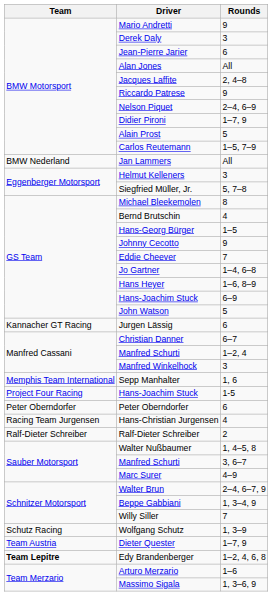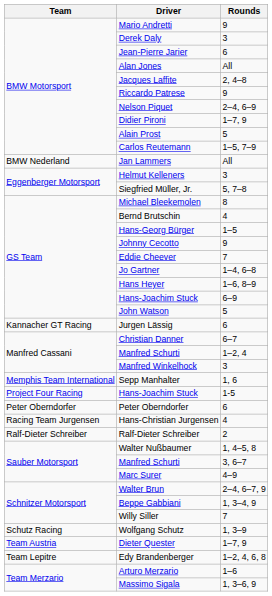 <table class="wikitable" style="font-size:90%;">
 <tr>
 <th>Team</th>
 <th>Driver</th>
 <th>Rounds</th>
 </tr>
 <tr>
 <td rowspan=10> <a href='#'>BMW Motorsport</a></td>
 <td> <a href='#'>Mario Andretti</a></td>
 <td>9</td>
 </tr>
 <tr>
 <td> <a href='#'>Derek Daly</a></td>
 <td>3</td>
 </tr>
 <tr>
 <td> <a href='#'>Jean-Pierre Jarier</a></td>
 <td>6</td>
 </tr>
 <tr>
 <td> <a href='#'>Alan Jones</a></td>
 <td>All</td>
 </tr>
 <tr>
 <td> <a href='#'>Jacques Laffite</a></td>
 <td>2, 4–8</td>
 </tr>
 <tr>
 <td> <a href='#'>Riccardo Patrese</a></td>
 <td>9</td>
 </tr>
 <tr>
 <td> <a href='#'>Nelson Piquet</a></td>
 <td>2–4, 6–9</td>
 </tr>
 <tr>
 <td> <a href='#'>Didier Pironi</a></td>
 <td>1–7, 9</td>
 </tr>
 <tr>
 <td> <a href='#'>Alain Prost</a></td>
 <td>5</td>
 </tr>
 <tr>
 <td> <a href='#'>Carlos Reutemann</a></td>
 <td>1–5, 7–9</td>
 </tr>
 <tr>
 <td> BMW Nederland</td>
 <td> <a href='#'>Jan Lammers</a></td>
 <td>All</td>
 </tr>
 <tr>
 <td rowspan=2> <a href='#'>Eggenberger Motorsport</a></td>
 <td> <a href='#'>Helmut Kelleners</a></td>
 <td>3</td>
 </tr>
 <tr>
 <td> Siegfried Müller, Jr.</td>
 <td>5, 7–8</td>
 </tr>
 <tr>
 <td rowspan=9> <a href='#'>GS Team</a></td>
 <td> <a href='#'>Michael Bleekemolen</a></td>
 <td>8</td>
 </tr>
 <tr>
 <td> Bernd Brutschin</td>
 <td>4</td>
 </tr>
 <tr>
 <td> <a href='#'>Hans-Georg Bürger</a></td>
 <td>1–5</td>
 </tr>
 <tr>
 <td> <a href='#'>Johnny Cecotto</a></td>
 <td>9</td>
 </tr>
 <tr>
 <td> <a href='#'>Eddie Cheever</a></td>
 <td>7</td>
 </tr>
 <tr>
 <td> <a href='#'>Jo Gartner</a></td>
 <td>1–4, 6–8</td>
 </tr>
 <tr>
 <td> <a href='#'>Hans Heyer</a></td>
 <td>1–6, 8–9</td>
 </tr>
 <tr>
 <td> <a href='#'>Hans-Joachim Stuck</a></td>
 <td>6–9</td>
 </tr>
 <tr>
 <td> <a href='#'>John Watson</a></td>
 <td>5</td>
 </tr>
 <tr>
 <td> Kannacher GT Racing</td>
 <td> Jurgen Lässig</td>
 <td>6</td>
 </tr>
 <tr>
 <td rowspan=3> Manfred Cassani</td>
 <td> <a href='#'>Christian Danner</a></td>
 <td>6–7</td>
 </tr>
 <tr>
 <td> <a href='#'>Manfred Schurti</a></td>
 <td>1–2, 4</td>
 </tr>
 <tr>
 <td> <a href='#'>Manfred Winkelhock</a></td>
 <td>3</td>
 </tr>
 <tr>
 <td> <a href='#'>Memphis Team International</a></td>
 <td> Sepp Manhalter</td>
 <td>1, 6</td>
 </tr>
 <tr>
 <td> <a href='#'>Project Four Racing</a></td>
 <td> <a href='#'>Hans-Joachim Stuck</a></td>
 <td>1-5</td>
 </tr>
 <tr>
 <td> Peter Oberndorfer</td>
 <td> Peter Oberndorfer</td>
 <td>6</td>
 </tr>
 <tr>
 <td> Racing Team Jurgensen</td>
 <td> Hans-Christian Jurgensen</td>
 <td>4</td>
 </tr>
 <tr>
 <td> Ralf-Dieter Schreiber</td>
 <td> Ralf-Dieter Schreiber</td>
 <td>2</td>
 </tr>
 <tr>
 <td rowspan=3> <a href='#'>Sauber Motorsport</a></td>
 <td> Walter Nußbaumer</td>
 <td>1, 4–5, 8</td>
 </tr>
 <tr>
 <td> <a href='#'>Manfred Schurti</a></td>
 <td>3, 6–7</td>
 </tr>
 <tr>
 <td> <a href='#'>Marc Surer</a></td>
 <td>4–9</td>
 </tr>
 <tr>
 <td rowspan=3> <a href='#'>Schnitzer Motorsport</a></td>
 <td> <a href='#'>Walter Brun</a></td>
 <td>2–4, 6–7, 9</td>
 </tr>
 <tr>
 <td> <a href='#'>Beppe Gabbiani</a></td>
 <td>1, 3–4, 9</td>
 </tr>
 <tr>
 <td> Willy Siller</td>
 <td>7</td>
 </tr>
 <tr>
 <td> Schutz Racing</td>
 <td> Wolfgang Schutz</td>
 <td>1, 3–9</td>
 </tr>
 <tr>
 <td> <a href='#'>Team Austria</a></td>
 <td> <a href='#'>Dieter Quester</a></td>
 <td>1–7, 9</td>
 </tr>
 <tr>
-<td><strong> Team Lepitre</strong></td>
+<td> Team Lepitre</td>
 <td> Edy Brandenberger</td>
 <td>1–2, 4, 6, 8</td>
 </tr>
 <tr>
 <td rowspan=2> <a href='#'>Team Merzario</a></td>
 <td> <a href='#'>Arturo Merzario</a></td>
 <td>1–6</td>
 </tr>
 <tr>
 <td> <a href='#'>Massimo Sigala</a></td>
 <td>1, 3–6, 9</td>
 </tr>
 </table>
